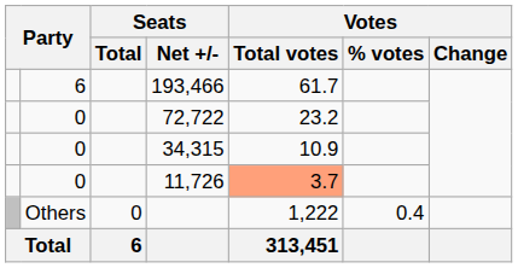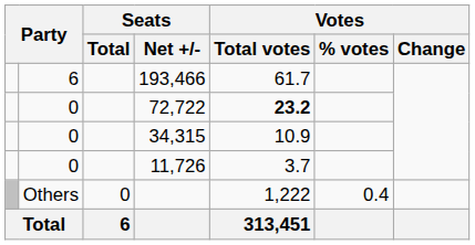 <table class="wikitable" style="text-align:right; font-size:95%;">
 <tr>
 <th colspan="2" rowspan="2">Party</th>
 <th colspan="2">Seats</th>
 <th colspan="3">Votes</th>
 </tr>
 <tr>
 <th>Total</th>
 <th>Net +/-</th>
 <th>Total votes</th>
 <th>% votes</th>
 <th>Change</th>
 </tr>
 <tr>
 <td></td>
 <td>6</td>
 <td></td>
 <td>193,466</td>
 <td>61.7</td>
 <td></td>
 </tr>
 <tr>
 <td></td>
 <td>0</td>
 <td></td>
 <td>72,722</td>
-<td>23.2</td>
+<td><strong>23.2</strong></td>
 <td></td>
 </tr>
 <tr>
 <td></td>
 <td>0</td>
 <td></td>
 <td>34,315</td>
 <td>10.9</td>
 <td></td>
 </tr>
 <tr>
 <td></td>
 <td>0</td>
 <td></td>
 <td>11,726</td>
-<td style="background: lightsalmon;">3.7</td>
+<td>3.7</td>
 <td></td>
 </tr>
 <tr>
 <td style="background:silver;"> </td>
 <td align=left>Others</td>
 <td>0</td>
 <td></td>
 <td>1,222</td>
 <td>0.4</td>
 <td></td>
 </tr>
 <tr>
 <th colspan="2" style="background:#f2f2f2">Total</th>
 <td style="background:#f2f2f2;"><strong>6</strong></td>
 <td style="background:#f2f2f2;"></td>
 <td style="background:#f2f2f2;"><strong>313,451</strong></td>
 <td style="background:#f2f2f2;"></td>
 <td style="background:#f2f2f2;"></td>
 </tr>
 </table>
